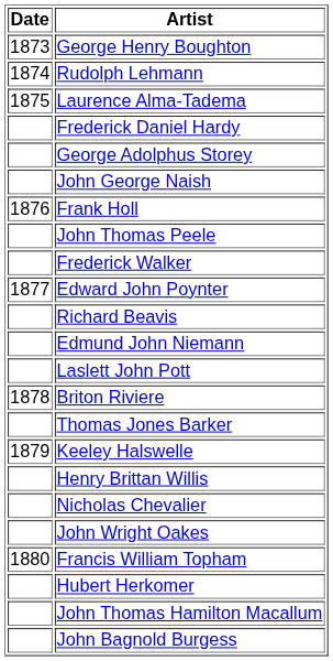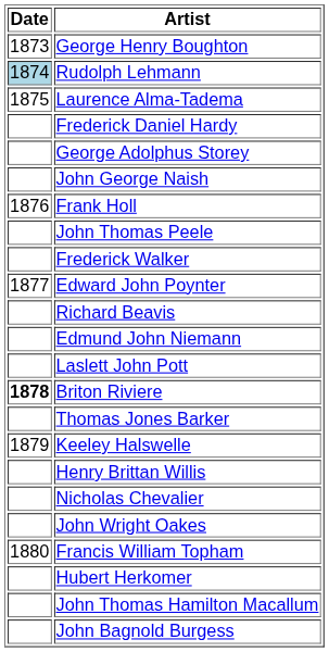 <table border=1>
 <tr>
 <th>Date</th>
 <th>Artist</th>
 </tr>
 <tr>
 <td>1873</td>
 <td><a href='#'>George Henry Boughton</a></td>
 </tr>
 <tr>
-<td>1874</td>
+<td style="background: lightblue;">1874</td>
 <td><a href='#'>Rudolph Lehmann</a></td>
 </tr>
 <tr>
 <td>1875</td>
 <td><a href='#'>Laurence Alma-Tadema</a></td>
 </tr>
 <tr>
 <td></td>
 <td><a href='#'>Frederick Daniel Hardy</a></td>
 </tr>
 <tr>
 <td></td>
 <td><a href='#'>George Adolphus Storey</a></td>
 </tr>
 <tr>
 <td></td>
 <td><a href='#'>John George Naish</a></td>
 </tr>
 <tr>
 <td>1876</td>
 <td><a href='#'>Frank Holl</a></td>
 </tr>
 <tr>
 <td></td>
 <td><a href='#'>John Thomas Peele</a></td>
 </tr>
 <tr>
 <td></td>
 <td><a href='#'>Frederick Walker</a></td>
 </tr>
 <tr>
 <td>1877</td>
 <td><a href='#'>Edward John Poynter</a></td>
 </tr>
 <tr>
 <td></td>
 <td><a href='#'>Richard Beavis</a></td>
 </tr>
 <tr>
 <td></td>
 <td><a href='#'>Edmund John Niemann</a></td>
 </tr>
 <tr>
 <td></td>
 <td><a href='#'>Laslett John Pott</a></td>
 </tr>
 <tr>
-<td>1878</td>
+<td><strong>1878</strong></td>
 <td><a href='#'>Briton Riviere</a></td>
 </tr>
 <tr>
 <td></td>
 <td><a href='#'>Thomas Jones Barker</a></td>
 </tr>
 <tr>
 <td>1879</td>
 <td><a href='#'>Keeley Halswelle</a></td>
 </tr>
 <tr>
 <td></td>
 <td><a href='#'>Henry Brittan Willis</a></td>
 </tr>
 <tr>
 <td></td>
 <td><a href='#'>Nicholas Chevalier</a></td>
 </tr>
 <tr>
 <td></td>
 <td><a href='#'>John Wright Oakes</a></td>
 </tr>
 <tr>
 <td>1880</td>
 <td><a href='#'>Francis William Topham</a></td>
 </tr>
 <tr>
 <td></td>
 <td><a href='#'>Hubert Herkomer</a></td>
 </tr>
 <tr>
 <td></td>
 <td><a href='#'>John Thomas Hamilton Macallum</a></td>
 </tr>
 <tr>
 <td></td>
 <td><a href='#'>John Bagnold Burgess</a></td>
 </tr>
 </table>
